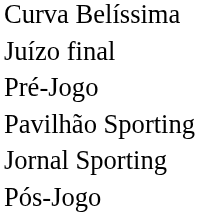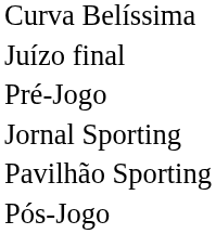 <table>
 <tr>
 <td>Curva Belíssima</td>
 </tr>
 <tr>
 <td>Juízo final</td>
 </tr>
 <tr>
 <td>Pré-Jogo</td>
 </tr>
 <tr>
-<td>Pavilhão Sporting</td>
+<td>Jornal Sporting</td>
 </tr>
 <tr>
-<td>Jornal Sporting</td>
+<td>Pavilhão Sporting</td>
 </tr>
 <tr>
 <td>Pós-Jogo</td>
 </tr>
 </table>
